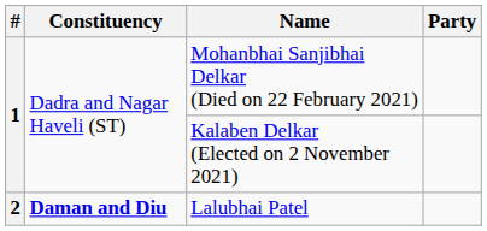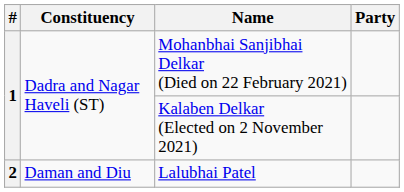 <table class="wikitable sortable">
 <tr>
 <th>#</th>
 <th style="width:120px">Constituency</th>
 <th style="width:180px">Name</th>
 <th colspan=2>Party</th>
 </tr>
 <tr>
 <th rowspan="2">1</th>
 <td rowspan="2"><a href='#'>Dadra and Nagar Haveli</a> (ST)</td>
 <td><a href='#'>Mohanbhai Sanjibhai Delkar</a> <br>(Died on 22 February 2021)</td>
 <td></td>
 </tr>
 <tr>
 <td><a href='#'>Kalaben Delkar</a> <br>(Elected on 2 November 2021)</td>
 <td></td>
 </tr>
 <tr>
 <th>2</th>
-<td><strong><a href='#'>Daman and Diu</a></strong></td>
+<td><a href='#'>Daman and Diu</a></td>
 <td><a href='#'>Lalubhai Patel</a></td>
 <td></td>
 </tr>
 </table>
